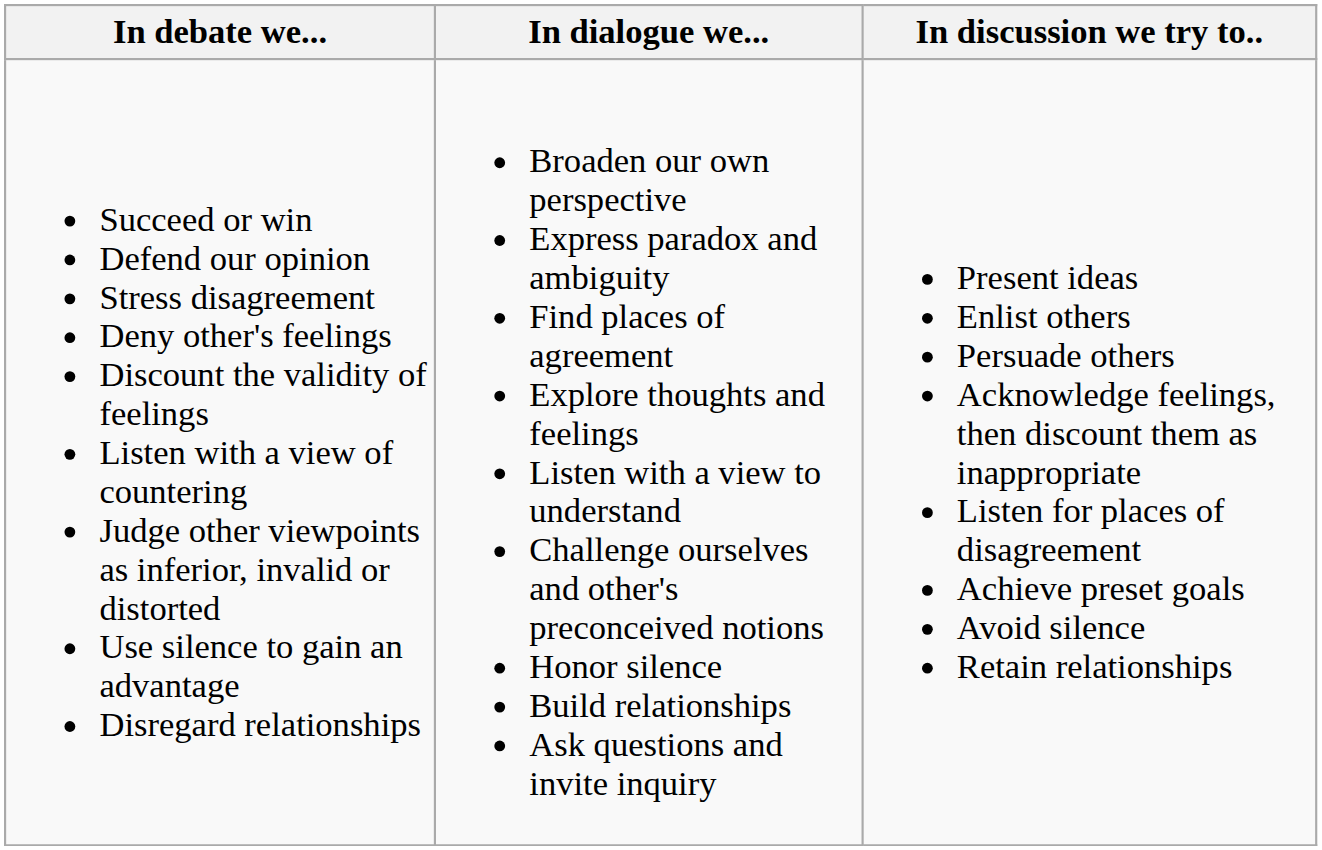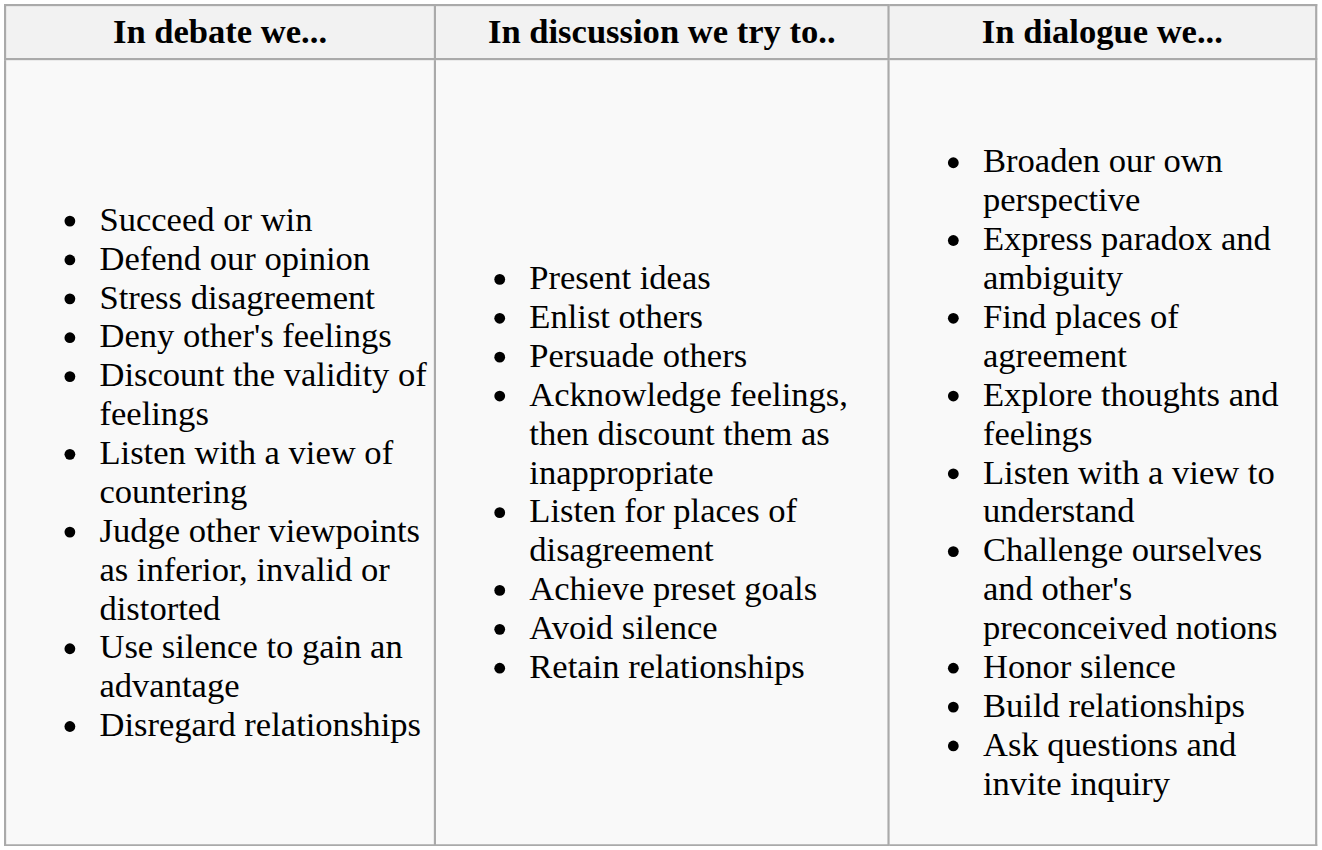 <table class="wikitable">
 <tr>
 <th><strong>In debate we...</strong></th>
+<th><strong>In discussion we try to..</strong></th>
 <th><strong>In dialogue we...</strong></th>
-<th><strong>In discussion we try to..</strong></th>
 </tr>
 <tr>
 <td><br><ul><li>Succeed or win</li><li>Defend our opinion</li><li>Stress disagreement</li><li>Deny other's feelings</li><li>Discount the validity of feelings</li><li>Listen with a view of countering</li><li>Judge other viewpoints as inferior, invalid or distorted</li><li>Use silence to gain an advantage</li><li>Disregard relationships</li></ul></td>
+<td><br><ul><li>Present ideas</li><li>Enlist others</li><li>Persuade others</li><li>Acknowledge feelings, then discount them as inappropriate</li><li>Listen for places of disagreement</li><li>Achieve preset goals</li><li>Avoid silence</li><li>Retain relationships</li></ul></td>
 <td><br><ul><li>Broaden our own perspective</li><li>Express paradox and ambiguity</li><li>Find places of agreement</li><li>Explore thoughts and feelings</li><li>Listen with a view to understand</li><li>Challenge ourselves and other's preconceived notions</li><li>Honor silence</li><li>Build relationships</li><li>Ask questions and invite inquiry</li></ul></td>
-<td><br><ul><li>Present ideas</li><li>Enlist others</li><li>Persuade others</li><li>Acknowledge feelings, then discount them as inappropriate</li><li>Listen for places of disagreement</li><li>Achieve preset goals</li><li>Avoid silence</li><li>Retain relationships</li></ul></td>
 </tr>
 </table>
